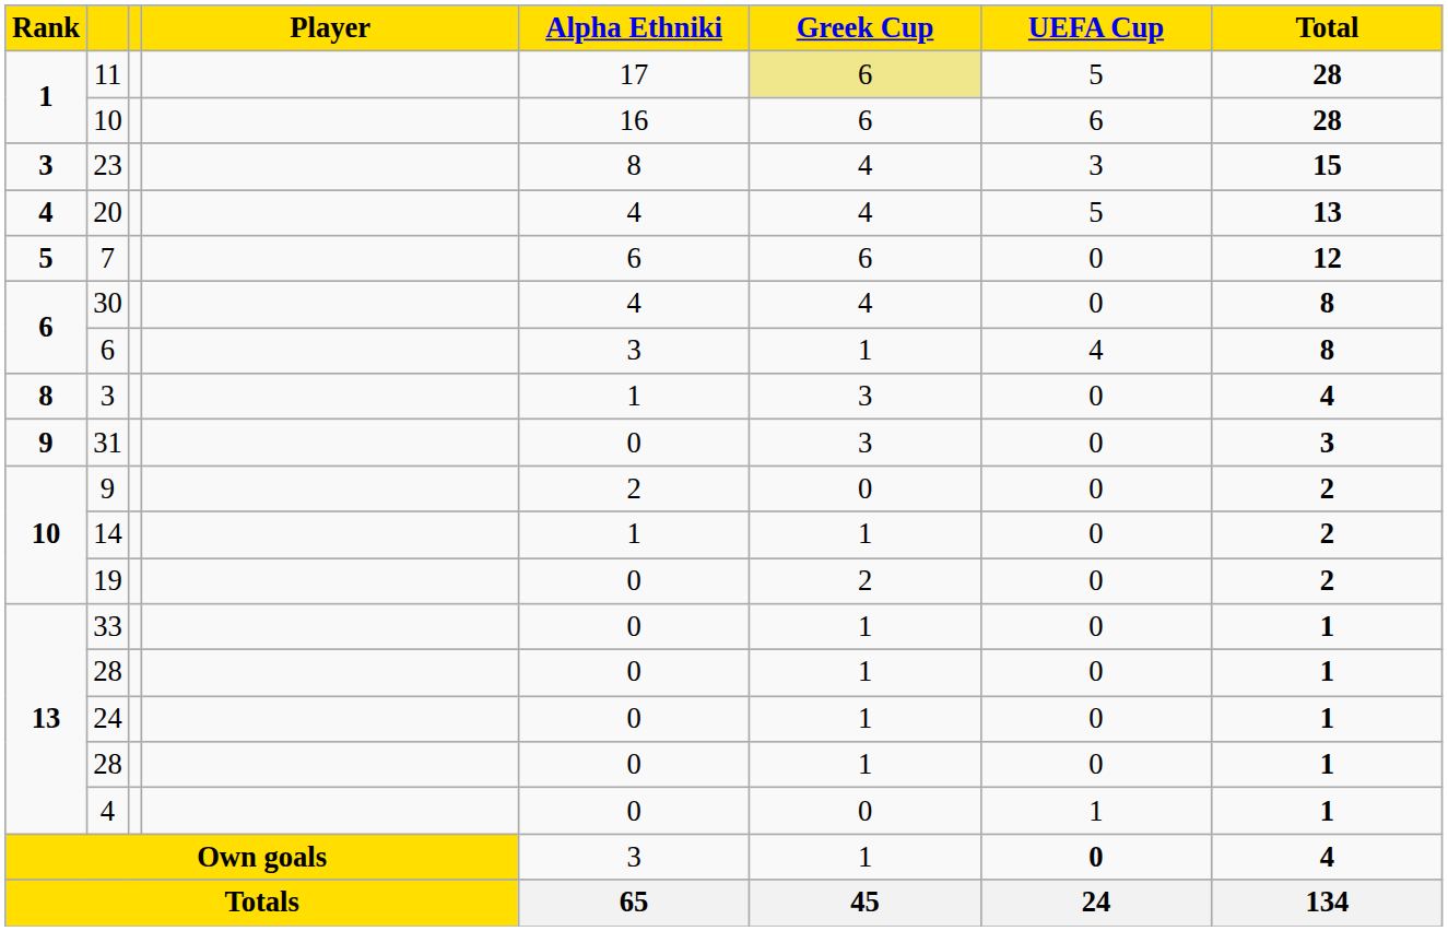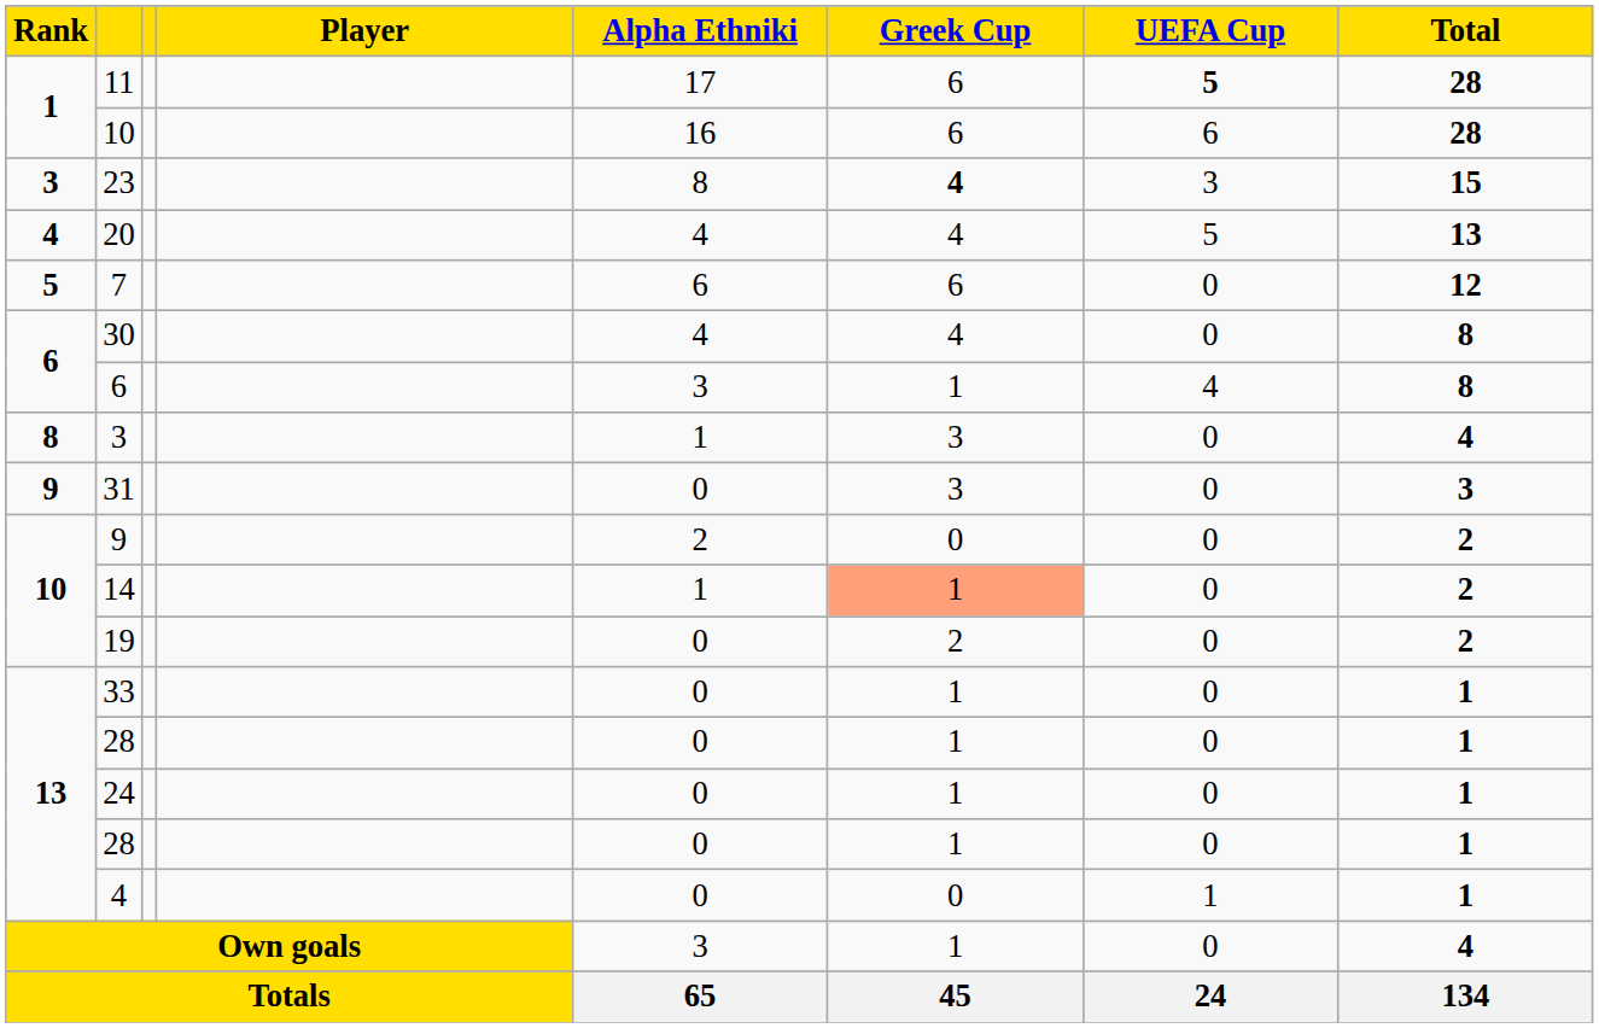 <table class="wikitable sortable" style="text-align: center">
 <tr>
 <th style="background:#FFDE00">Rank</th>
 <th style="background:#FFDE00"></th>
 <th style="background:#FFDE00"></th>
 <th width=200 style="background:#FFDE00">Player</th>
 <th width=120 style="background:#FFDE00"><a href='#'>Alpha Ethniki</a></th>
 <th width=120 style="background:#FFDE00"><a href='#'>Greek Cup</a></th>
 <th width=120 style="background:#FFDE00"><a href='#'>UEFA Cup</a></th>
 <th width=120 style="background:#FFDE00">Total</th>
 </tr>
 <tr>
 <td rowspan=2><strong>1</strong></td>
 <td>11</td>
 <td></td>
 <td align=left></td>
 <td>17</td>
-<td style="background: khaki;">6</td>
-<td>5</td>
+<td>6</td>
+<td><strong>5</strong></td>
 <td><strong>28</strong></td>
 </tr>
 <tr>
 <td>10</td>
 <td></td>
 <td align=left></td>
 <td>16</td>
 <td>6</td>
 <td>6</td>
 <td><strong>28</strong></td>
 </tr>
 <tr>
 <td><strong>3</strong></td>
 <td>23</td>
 <td></td>
 <td align=left></td>
 <td>8</td>
-<td>4</td>
+<td><strong>4</strong></td>
 <td>3</td>
 <td><strong>15</strong></td>
 </tr>
 <tr>
 <td><strong>4</strong></td>
 <td>20</td>
 <td></td>
 <td align=left></td>
 <td>4</td>
 <td>4</td>
 <td>5</td>
 <td><strong>13</strong></td>
 </tr>
 <tr>
 <td><strong>5</strong></td>
 <td>7</td>
 <td></td>
 <td align=left></td>
 <td>6</td>
 <td>6</td>
 <td>0</td>
 <td><strong>12</strong></td>
 </tr>
 <tr>
 <td rowspan=2><strong>6</strong></td>
 <td>30</td>
 <td></td>
 <td align=left></td>
 <td>4</td>
 <td>4</td>
 <td>0</td>
 <td><strong>8</strong></td>
 </tr>
 <tr>
 <td>6</td>
 <td></td>
 <td align=left></td>
 <td>3</td>
 <td>1</td>
 <td>4</td>
 <td><strong>8</strong></td>
 </tr>
 <tr>
 <td><strong>8</strong></td>
 <td>3</td>
 <td></td>
 <td align=left></td>
 <td>1</td>
 <td>3</td>
 <td>0</td>
 <td><strong>4</strong></td>
 </tr>
 <tr>
 <td><strong>9</strong></td>
 <td>31</td>
 <td></td>
 <td align=left></td>
 <td>0</td>
 <td>3</td>
 <td>0</td>
 <td><strong>3</strong></td>
 </tr>
 <tr>
 <td rowspan=3><strong>10</strong></td>
 <td>9</td>
 <td></td>
 <td align=left></td>
 <td>2</td>
 <td>0</td>
 <td>0</td>
 <td><strong>2</strong></td>
 </tr>
 <tr>
 <td>14</td>
 <td></td>
 <td align=left></td>
 <td>1</td>
-<td>1</td>
+<td style="background: lightsalmon;">1</td>
 <td>0</td>
 <td><strong>2</strong></td>
 </tr>
 <tr>
 <td>19</td>
 <td></td>
 <td align=left></td>
 <td>0</td>
 <td>2</td>
 <td>0</td>
 <td><strong>2</strong></td>
 </tr>
 <tr>
 <td rowspan=5><strong>13</strong></td>
 <td>33</td>
 <td></td>
 <td align=left></td>
 <td>0</td>
 <td>1</td>
 <td>0</td>
 <td><strong>1</strong></td>
 </tr>
 <tr>
 <td>28</td>
 <td></td>
 <td align=left></td>
 <td>0</td>
 <td>1</td>
 <td>0</td>
 <td><strong>1</strong></td>
 </tr>
 <tr>
 <td>24</td>
 <td></td>
 <td align=left></td>
 <td>0</td>
 <td>1</td>
 <td>0</td>
 <td><strong>1</strong></td>
 </tr>
 <tr>
 <td>28</td>
 <td></td>
 <td align=left></td>
 <td>0</td>
 <td>1</td>
 <td>0</td>
 <td><strong>1</strong></td>
 </tr>
 <tr>
 <td>4</td>
 <td></td>
 <td align=left></td>
 <td>0</td>
 <td>0</td>
 <td>1</td>
 <td><strong>1</strong></td>
 </tr>
 <tr class="sortbottom">
 <td colspan=4 style="background:#FFDE00"><strong>Own goals</strong></td>
 <td>3</td>
 <td>1</td>
-<td><strong>0</strong></td>
+<td>0</td>
 <td><strong>4</strong></td>
 </tr>
 <tr class="sortbottom">
 <th colspan=4 style="background:#FFDE00"><strong>Totals</strong></th>
 <th><strong> 65</strong></th>
 <th><strong> 45</strong></th>
 <th><strong> 24</strong></th>
 <th><strong>134</strong></th>
 </tr>
 </table>
